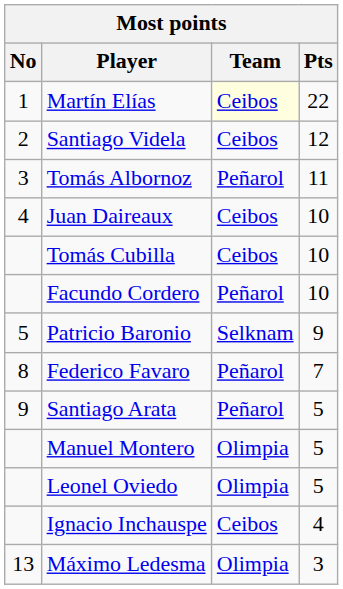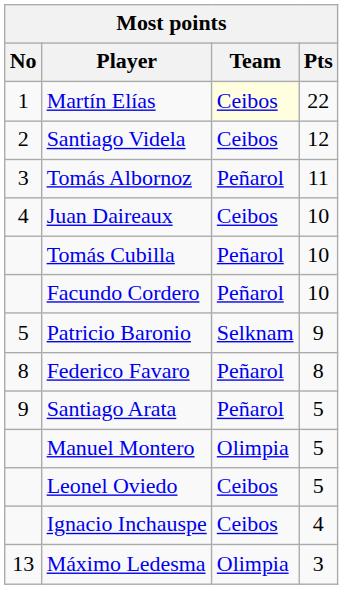 <table class="wikitable sortable" style="text-align:left; line-height:130%; font-size:100%; width:;">
 <tr>
 <th colspan="100%">Most points</th>
 </tr>
 <tr>
 <th style="width:">No</th>
 <th style="width:">Player</th>
 <th style="width:">Team</th>
 <th style="width:">Pts<br></th>
 </tr>
 <tr>
 <td style="text-align:center;">1</td>
 <td> <a href='#'>Martín Elías</a></td>
 <td style="background: lightyellow;"> <a href='#'>Ceibos</a></td>
 <td style="text-align:center;">22</td>
 </tr>
 <tr>
 <td style="text-align:center;">2</td>
 <td> <a href='#'>Santiago Videla</a></td>
 <td> <a href='#'>Ceibos</a></td>
 <td style="text-align:center;">12</td>
 </tr>
 <tr>
 <td style="text-align:center;">3</td>
 <td> <a href='#'>Tomás Albornoz</a></td>
 <td> <a href='#'>Peñarol</a></td>
 <td style="text-align:center;">11</td>
 </tr>
 <tr>
 <td style="text-align:center;">4</td>
 <td> <a href='#'>Juan Daireaux</a></td>
 <td> <a href='#'>Ceibos</a></td>
 <td style="text-align:center;">10</td>
 </tr>
 <tr>
 <td style="text-align:center;"></td>
 <td> <a href='#'>Tomás Cubilla</a></td>
-<td> <a href='#'>Ceibos</a></td>
+<td> <a href='#'>Peñarol</a></td>
 <td style="text-align:center;">10</td>
 </tr>
 <tr>
 <td style="text-align:center;"></td>
 <td> <a href='#'>Facundo Cordero</a></td>
 <td> <a href='#'>Peñarol</a></td>
 <td style="text-align:center;">10</td>
 </tr>
 <tr>
 <td style="text-align:center;">5</td>
 <td> <a href='#'>Patricio Baronio</a></td>
 <td> <a href='#'>Selknam</a></td>
 <td style="text-align:center;">9</td>
 </tr>
 <tr>
 <td style="text-align:center;">8</td>
 <td> <a href='#'>Federico Favaro</a></td>
 <td> <a href='#'>Peñarol</a></td>
-<td style="text-align:center;">7</td>
+<td style="text-align:center;">8</td>
 </tr>
 <tr>
 <td style="text-align:center;">9</td>
 <td> <a href='#'>Santiago Arata</a></td>
 <td> <a href='#'>Peñarol</a></td>
 <td style="text-align:center;">5</td>
 </tr>
 <tr>
 <td style="text-align:center;"></td>
 <td> <a href='#'>Manuel Montero</a></td>
 <td> <a href='#'>Olimpia</a></td>
 <td style="text-align:center;">5</td>
 </tr>
 <tr>
 <td style="text-align:center;"></td>
 <td> <a href='#'>Leonel Oviedo</a></td>
-<td> <a href='#'>Olimpia</a></td>
+<td> <a href='#'>Ceibos</a></td>
 <td style="text-align:center;">5</td>
 </tr>
 <tr>
 <td style="text-align:center;"></td>
 <td> <a href='#'>Ignacio Inchauspe</a></td>
 <td> <a href='#'>Ceibos</a></td>
 <td style="text-align:center;">4</td>
 </tr>
 <tr>
 <td style="text-align:center;">13</td>
 <td> <a href='#'>Máximo Ledesma</a></td>
 <td> <a href='#'>Olimpia</a></td>
 <td style="text-align:center;">3</td>
 </tr>
 </table>
